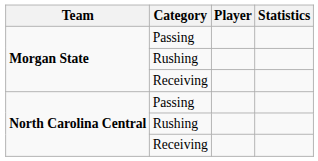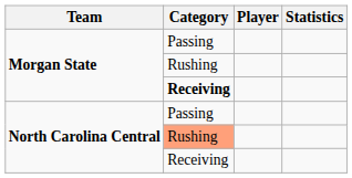 <table class="wikitable" style="float: right;">
 <tr>
 <th>Team</th>
 <th>Category</th>
 <th>Player</th>
 <th>Statistics</th>
 </tr>
 <tr>
 <td rowspan=3><strong>Morgan State</strong></td>
 <td>Passing</td>
 <td></td>
 <td></td>
 </tr>
 <tr>
 <td>Rushing</td>
 <td></td>
 <td></td>
 </tr>
 <tr>
-<td>Receiving</td>
+<td><strong>Receiving</strong></td>
 <td></td>
 <td></td>
 </tr>
 <tr>
 <td rowspan=3><strong>North Carolina Central</strong></td>
 <td>Passing</td>
 <td></td>
 <td></td>
 </tr>
 <tr>
-<td>Rushing</td>
+<td style="background: lightsalmon;">Rushing</td>
 <td></td>
 <td></td>
 </tr>
 <tr>
 <td>Receiving</td>
 <td></td>
 <td></td>
 </tr>
 </table>
